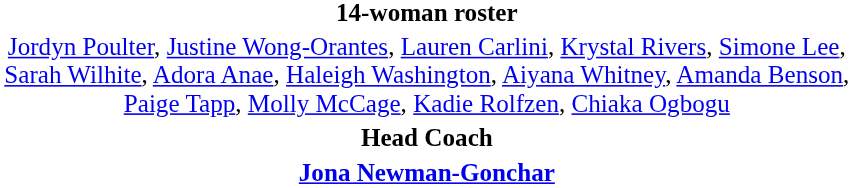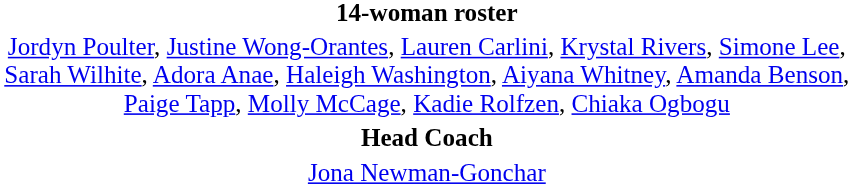 <table style="text-align: center; margin-top: 2em; margin-left: auto; margin-right: auto;">
 <tr>
 <th>14-woman roster</th>
 </tr>
 <tr>
 <td><a href='#'>Jordyn Poulter</a>, <a href='#'>Justine Wong-Orantes</a>, <a href='#'>Lauren Carlini</a>, <a href='#'>Krystal Rivers</a>, <a href='#'>Simone Lee</a>,<br> <a href='#'>Sarah Wilhite</a>, <a href='#'>Adora Anae</a>, <a href='#'>Haleigh Washington</a>, <a href='#'>Aiyana Whitney</a>, <a href='#'>Amanda Benson</a>,<br> <a href='#'>Paige Tapp</a>, <a href='#'>Molly McCage</a>, <a href='#'>Kadie Rolfzen</a>, <a href='#'>Chiaka Ogbogu</a></td>
 </tr>
 <tr>
 <th>Head Coach</th>
 </tr>
 <tr>
-<td><strong><a href='#'>Jona Newman-Gonchar</a></strong></td>
+<td><a href='#'>Jona Newman-Gonchar</a></td>
 </tr>
 </table>
